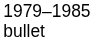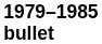 <table width="90">
 <tr>
 <td></td>
 </tr>
 <tr>
-<td><div>1979–1985 bullet</div></td>
+<td><strong><div>1979–1985 bullet</div></strong></td>
 </tr>
 </table>
